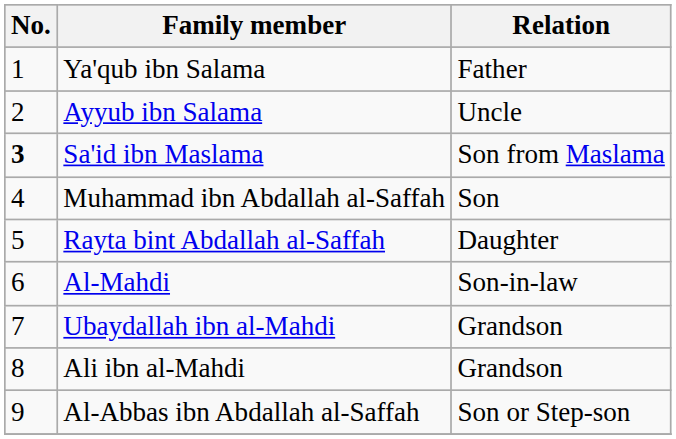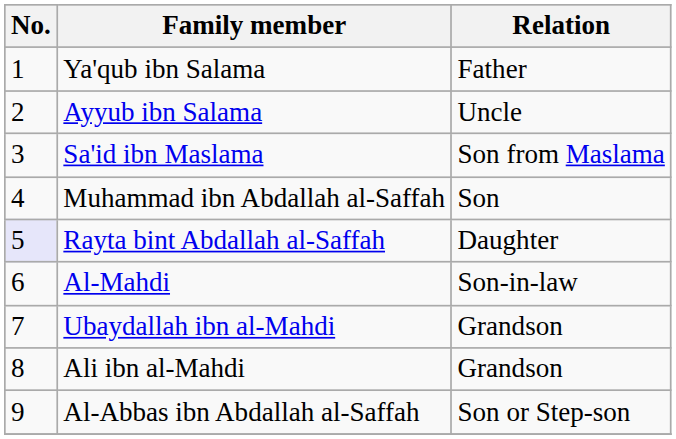 <table class="wikitable" border="2">
 <tr>
 <th>No.</th>
 <th>Family member</th>
 <th>Relation</th>
 </tr>
 <tr>
 <td>1</td>
 <td>Ya'qub ibn Salama</td>
 <td>Father</td>
 </tr>
 <tr>
 <td>2</td>
 <td><a href='#'>Ayyub ibn Salama</a></td>
 <td>Uncle</td>
 </tr>
 <tr>
-<td><strong>3</strong></td>
+<td>3</td>
 <td><a href='#'>Sa'id ibn Maslama</a></td>
 <td>Son from <a href='#'>Maslama</a></td>
 </tr>
 <tr>
 <td>4</td>
 <td>Muhammad ibn Abdallah al-Saffah</td>
 <td>Son</td>
 </tr>
 <tr>
-<td>5</td>
+<td style="background: lavender;">5</td>
 <td><a href='#'>Rayta bint Abdallah al-Saffah</a></td>
 <td>Daughter</td>
 </tr>
 <tr>
 <td>6</td>
 <td><a href='#'>Al-Mahdi</a></td>
 <td>Son-in-law</td>
 </tr>
 <tr>
 <td>7</td>
 <td><a href='#'>Ubaydallah ibn al-Mahdi</a></td>
 <td>Grandson</td>
 </tr>
 <tr>
 <td>8</td>
 <td>Ali ibn al-Mahdi</td>
 <td>Grandson</td>
 </tr>
 <tr>
 <td>9</td>
 <td>Al-Abbas ibn Abdallah al-Saffah</td>
 <td>Son or Step-son</td>
 </tr>
 <tr>
 </tr>
 </table>
